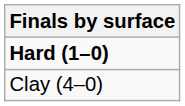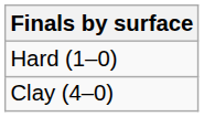 <table class=wikitable style=font-size:90%>
 <tr>
 <th>Finals by surface</th>
 </tr>
 <tr>
-<td><strong>Hard (1–0)</strong></td>
+<td>Hard (1–0)</td>
 </tr>
 <tr>
 <td>Clay (4–0)</td>
 </tr>
 </table>
